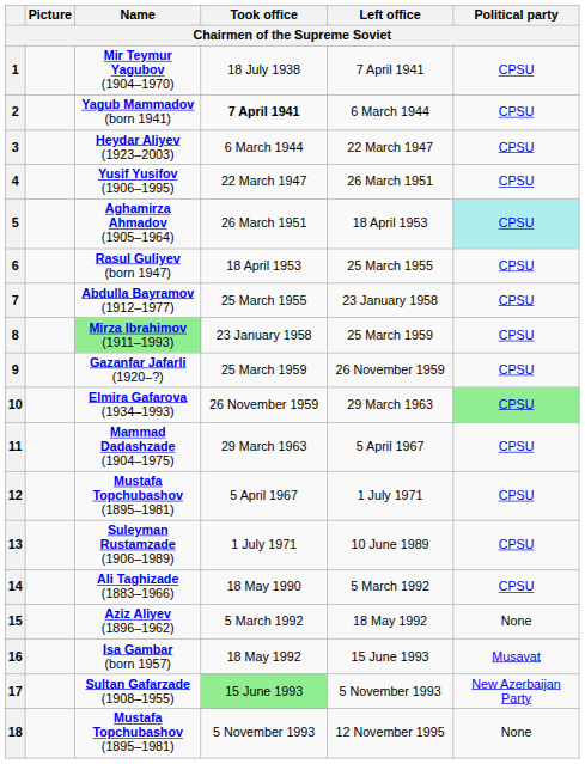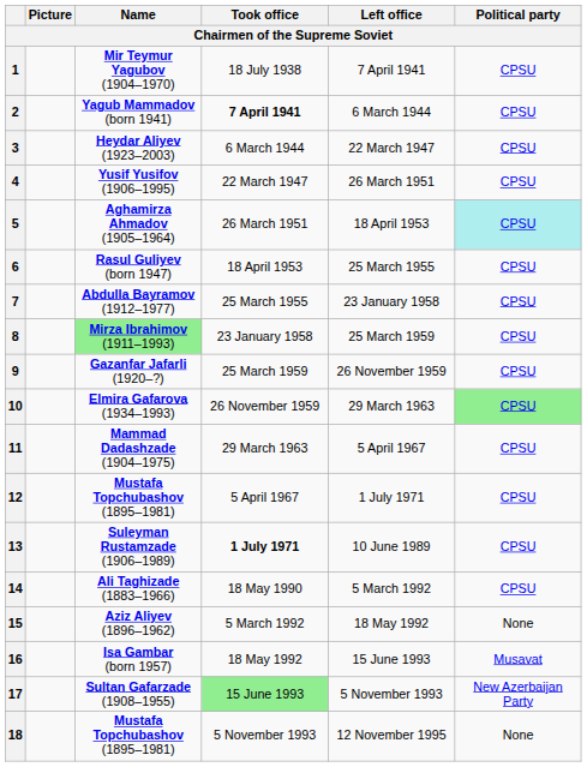 <table class="wikitable" style="text-align:center">
 <tr>
 <th></th>
 <th>Picture</th>
 <th width="150">Name<br></th>
 <th width="150">Took office</th>
 <th width="150">Left office</th>
 <th width="150">Political party</th>
 </tr>
 <tr>
 <th colspan="6" align="center">Chairmen of the Supreme Soviet</th>
 </tr>
 <tr>
 <th style="background:">1</th>
 <td></td>
 <td><strong><a href='#'>Mir Teymur Yagubov</a></strong><br>(1904–1970)</td>
 <td>18 July 1938</td>
 <td>7 April 1941</td>
 <td><a href='#'>CPSU</a></td>
 </tr>
 <tr>
 <th style="background:">2</th>
 <td></td>
 <td><strong><a href='#'>Yagub Mammadov</a></strong><br>(born 1941)</td>
 <td><strong>7 April 1941</strong></td>
 <td>6 March 1944</td>
 <td><a href='#'>CPSU</a></td>
 </tr>
 <tr>
 <th style="background:">3</th>
 <td></td>
 <td><strong><a href='#'>Heydar Aliyev</a></strong><br>(1923–2003)</td>
 <td>6 March 1944</td>
 <td>22 March 1947</td>
 <td><a href='#'>CPSU</a></td>
 </tr>
 <tr>
 <th style="background:">4</th>
 <td></td>
 <td><strong><a href='#'>Yusif Yusifov</a></strong><br>(1906–1995)</td>
 <td>22 March 1947</td>
 <td>26 March 1951</td>
 <td><a href='#'>CPSU</a></td>
 </tr>
 <tr>
 <th style="background:">5</th>
 <td></td>
 <td><strong><a href='#'>Aghamirza Ahmadov</a></strong><br>(1905–1964)</td>
 <td>26 March 1951</td>
 <td>18 April 1953</td>
 <td style="background: paleturquoise;"><a href='#'>CPSU</a></td>
 </tr>
 <tr>
 <th style="background:">6</th>
 <td></td>
 <td><strong><a href='#'>Rasul Guliyev</a></strong><br>(born 1947)</td>
 <td>18 April 1953</td>
 <td>25 March 1955</td>
 <td><a href='#'>CPSU</a></td>
 </tr>
 <tr>
 <th style="background:">7</th>
 <td></td>
 <td><strong><a href='#'>Abdulla Bayramov</a></strong><br>(1912–1977)</td>
 <td>25 March 1955</td>
 <td>23 January 1958</td>
 <td><a href='#'>CPSU</a></td>
 </tr>
 <tr>
 <th style="background:">8</th>
 <td></td>
 <td style="background: lightgreen;"><strong><a href='#'>Mirza Ibrahimov</a></strong><br>(1911–1993)</td>
 <td>23 January 1958</td>
 <td>25 March 1959</td>
 <td><a href='#'>CPSU</a></td>
 </tr>
 <tr>
 <th style="background:">9</th>
 <td></td>
 <td><strong><a href='#'>Gazanfar Jafarli</a></strong><br>(1920–?)</td>
 <td>25 March 1959</td>
 <td>26 November 1959</td>
 <td><a href='#'>CPSU</a></td>
 </tr>
 <tr>
 <th style="background:">10</th>
 <td></td>
 <td><strong><a href='#'>Elmira Gafarova</a></strong><br>(1934–1993)</td>
 <td>26 November 1959</td>
 <td>29 March 1963</td>
 <td style="background: lightgreen;"><a href='#'>CPSU</a></td>
 </tr>
 <tr>
 <th style="background:">11</th>
 <td></td>
 <td><strong><a href='#'>Mammad Dadashzade</a></strong><br>(1904–1975)</td>
 <td>29 March 1963</td>
 <td>5 April 1967</td>
 <td><a href='#'>CPSU</a></td>
 </tr>
 <tr>
 <th style="background:">12</th>
 <td></td>
 <td><strong><a href='#'>Mustafa Topchubashov</a></strong><br>(1895–1981)</td>
 <td>5 April 1967</td>
 <td>1 July 1971</td>
 <td><a href='#'>CPSU</a></td>
 </tr>
 <tr>
 <th style="background:">13</th>
 <td></td>
 <td><strong><a href='#'>Suleyman Rustamzade</a></strong><br>(1906–1989)</td>
-<td>1 July 1971</td>
+<td><strong>1 July 1971</strong></td>
 <td>10 June 1989</td>
 <td><a href='#'>CPSU</a></td>
 </tr>
 <tr>
 <th style="background:">14</th>
 <td></td>
 <td><strong><a href='#'>Ali Taghizade</a></strong><br>(1883–1966)</td>
 <td>18 May 1990</td>
 <td>5 March 1992</td>
 <td><a href='#'>CPSU</a></td>
 </tr>
 <tr>
 <th style="background:">15</th>
 <td></td>
 <td><strong><a href='#'>Aziz Aliyev</a></strong><br>(1896–1962)</td>
 <td>5 March 1992</td>
 <td>18 May 1992</td>
 <td>None</td>
 </tr>
 <tr>
 <th style="background:">16</th>
 <td></td>
 <td><strong><a href='#'>Isa Gambar</a></strong><br>(born 1957)</td>
 <td>18 May 1992</td>
 <td>15 June 1993</td>
 <td><a href='#'>Musavat</a></td>
 </tr>
 <tr>
 <th style="background:">17</th>
 <td></td>
 <td><strong><a href='#'>Sultan Gafarzade</a></strong><br>(1908–1955)</td>
 <td style="background: lightgreen;">15 June 1993</td>
 <td>5 November 1993</td>
 <td><a href='#'>New Azerbaijan Party</a></td>
 </tr>
 <tr>
 <th style="background:">18</th>
 <td></td>
 <td><strong><a href='#'>Mustafa Topchubashov</a></strong><br>(1895–1981)</td>
 <td>5 November 1993</td>
 <td>12 November 1995</td>
 <td>None</td>
 </tr>
 </table>
